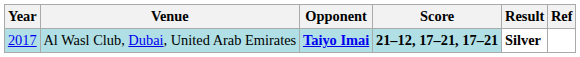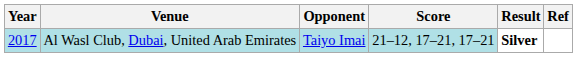 <table class="sortable wikitable" style="font-size: 90%;">
 <tr>
 <th>Year</th>
 <th>Venue</th>
 <th>Opponent</th>
 <th>Score</th>
 <th>Result</th>
 <th>Ref</th>
 </tr>
 <tr style="background:#B0E0E6">
 <td align="center" rowspan=3><a href='#'>2017</a></td>
 <td align="left" rowspan=3>Al Wasl Club, <a href='#'>Dubai</a>, United Arab Emirates</td>
-<td align="left"><strong> <a href='#'>Taiyo Imai</a></strong></td>
-<td align="left"><strong>21–12, 17–21, 17–21</strong></td>
+<td align="left"> <a href='#'>Taiyo Imai</a></td>
+<td align="left">21–12, 17–21, 17–21</td>
 <td style="text-align:left; background:white" rowspan=3> <strong>Silver</strong></td>
 <td style="text-align:center; background:white"></td>
 </tr>
 </table>
